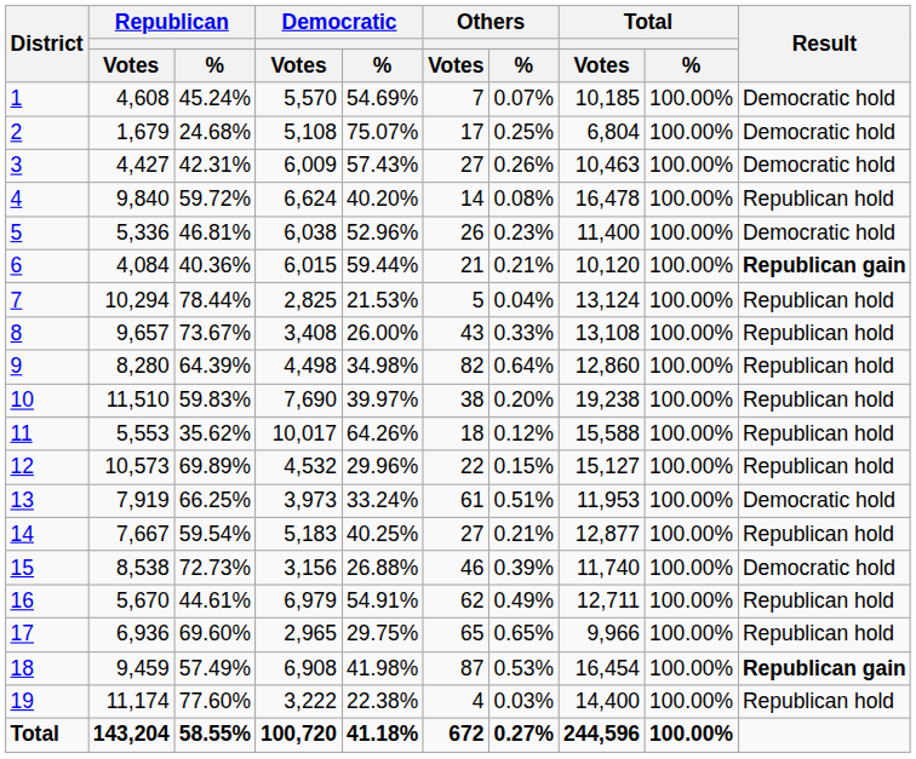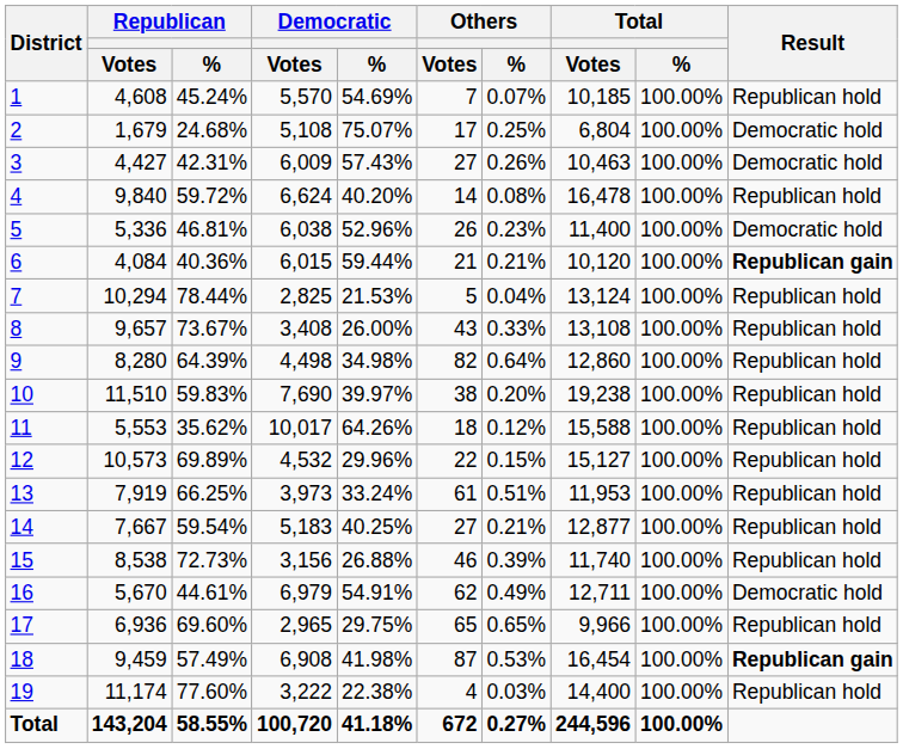 <table class="wikitable plainrowheaders sortable" style="font-size:100%; text-align:right;">
 <tr>
 <th scope=col rowspan=3>District</th>
 <th scope=col colspan=2><a href='#'>Republican</a></th>
 <th scope=col colspan=2><a href='#'>Democratic</a></th>
 <th scope=col colspan=2>Others</th>
 <th scope=col colspan=2>Total</th>
 <th scope=col rowspan=3>Result</th>
 </tr>
 <tr>
 <th scope=col colspan=2 style="background:"></th>
 <th scope=col colspan=2 style="background:"></th>
 <th scope=col colspan=2></th>
 <th scope=col colspan=2></th>
 </tr>
 <tr>
 <th scope=col data-sort-type="number">Votes</th>
 <th scope=col data-sort-type="number">%</th>
 <th scope=col data-sort-type="number">Votes</th>
 <th scope=col data-sort-type="number">%</th>
 <th scope=col data-sort-type="number">Votes</th>
 <th scope=col data-sort-type="number">%</th>
 <th scope=col data-sort-type="number">Votes</th>
 <th scope=col data-sort-type="number">%</th>
 </tr>
 <tr>
 <td align=left><a href='#'>1</a></td>
 <td>4,608</td>
 <td>45.24%</td>
 <td>5,570</td>
 <td>54.69%</td>
 <td>7</td>
 <td>0.07%</td>
 <td>10,185</td>
 <td>100.00%</td>
-<td align=left>Democratic hold</td>
+<td align=left>Republican hold</td>
 </tr>
 <tr>
 <td align=left><a href='#'>2</a></td>
 <td>1,679</td>
 <td>24.68%</td>
 <td>5,108</td>
 <td>75.07%</td>
 <td>17</td>
 <td>0.25%</td>
 <td>6,804</td>
 <td>100.00%</td>
 <td align=left>Democratic hold</td>
 </tr>
 <tr>
 <td align=left><a href='#'>3</a></td>
 <td>4,427</td>
 <td>42.31%</td>
 <td>6,009</td>
 <td>57.43%</td>
 <td>27</td>
 <td>0.26%</td>
 <td>10,463</td>
 <td>100.00%</td>
 <td align=left>Democratic hold</td>
 </tr>
 <tr>
 <td align=left><a href='#'>4</a></td>
 <td>9,840</td>
 <td>59.72%</td>
 <td>6,624</td>
 <td>40.20%</td>
 <td>14</td>
 <td>0.08%</td>
 <td>16,478</td>
 <td>100.00%</td>
 <td align=left>Republican hold</td>
 </tr>
 <tr>
 <td align=left><a href='#'>5</a></td>
 <td>5,336</td>
 <td>46.81%</td>
 <td>6,038</td>
 <td>52.96%</td>
 <td>26</td>
 <td>0.23%</td>
 <td>11,400</td>
 <td>100.00%</td>
 <td align=left>Democratic hold</td>
 </tr>
 <tr>
 <td align=left><a href='#'>6</a></td>
 <td>4,084</td>
 <td>40.36%</td>
 <td>6,015</td>
 <td>59.44%</td>
 <td>21</td>
 <td>0.21%</td>
 <td>10,120</td>
 <td>100.00%</td>
 <td align=left><strong>Republican gain</strong></td>
 </tr>
 <tr>
 <td align=left><a href='#'>7</a></td>
 <td>10,294</td>
 <td>78.44%</td>
 <td>2,825</td>
 <td>21.53%</td>
 <td>5</td>
 <td>0.04%</td>
 <td>13,124</td>
 <td>100.00%</td>
 <td align=left>Republican hold</td>
 </tr>
 <tr>
 <td align=left><a href='#'>8</a></td>
 <td>9,657</td>
 <td>73.67%</td>
 <td>3,408</td>
 <td>26.00%</td>
 <td>43</td>
 <td>0.33%</td>
 <td>13,108</td>
 <td>100.00%</td>
 <td align=left>Republican hold</td>
 </tr>
 <tr>
 <td align=left><a href='#'>9</a></td>
 <td>8,280</td>
 <td>64.39%</td>
 <td>4,498</td>
 <td>34.98%</td>
 <td>82</td>
 <td>0.64%</td>
 <td>12,860</td>
 <td>100.00%</td>
 <td align=left>Republican hold</td>
 </tr>
 <tr>
 <td align=left><a href='#'>10</a></td>
 <td>11,510</td>
 <td>59.83%</td>
 <td>7,690</td>
 <td>39.97%</td>
 <td>38</td>
 <td>0.20%</td>
 <td>19,238</td>
 <td>100.00%</td>
 <td align=left>Republican hold</td>
 </tr>
 <tr>
 <td align=left><a href='#'>11</a></td>
 <td>5,553</td>
 <td>35.62%</td>
 <td>10,017</td>
 <td>64.26%</td>
 <td>18</td>
 <td>0.12%</td>
 <td>15,588</td>
 <td>100.00%</td>
 <td align=left>Republican hold</td>
 </tr>
 <tr>
 <td align=left><a href='#'>12</a></td>
 <td>10,573</td>
 <td>69.89%</td>
 <td>4,532</td>
 <td>29.96%</td>
 <td>22</td>
 <td>0.15%</td>
 <td>15,127</td>
 <td>100.00%</td>
 <td align=left>Republican hold</td>
 </tr>
 <tr>
 <td align=left><a href='#'>13</a></td>
 <td>7,919</td>
 <td>66.25%</td>
 <td>3,973</td>
 <td>33.24%</td>
 <td>61</td>
 <td>0.51%</td>
 <td>11,953</td>
 <td>100.00%</td>
-<td align=left>Democratic hold</td>
+<td align=left>Republican hold</td>
 </tr>
 <tr>
 <td align=left><a href='#'>14</a></td>
 <td>7,667</td>
 <td>59.54%</td>
 <td>5,183</td>
 <td>40.25%</td>
 <td>27</td>
 <td>0.21%</td>
 <td>12,877</td>
 <td>100.00%</td>
 <td align=left>Republican hold</td>
 </tr>
 <tr>
 <td align=left><a href='#'>15</a></td>
 <td>8,538</td>
 <td>72.73%</td>
 <td>3,156</td>
 <td>26.88%</td>
 <td>46</td>
 <td>0.39%</td>
 <td>11,740</td>
 <td>100.00%</td>
-<td align=left>Democratic hold</td>
+<td align=left>Republican hold</td>
 </tr>
 <tr>
 <td align=left><a href='#'>16</a></td>
 <td>5,670</td>
 <td>44.61%</td>
 <td>6,979</td>
 <td>54.91%</td>
 <td>62</td>
 <td>0.49%</td>
 <td>12,711</td>
 <td>100.00%</td>
-<td align=left>Republican hold</td>
+<td align=left>Democratic hold</td>
 </tr>
 <tr>
 <td align=left><a href='#'>17</a></td>
 <td>6,936</td>
 <td>69.60%</td>
 <td>2,965</td>
 <td>29.75%</td>
 <td>65</td>
 <td>0.65%</td>
 <td>9,966</td>
 <td>100.00%</td>
 <td align=left>Republican hold</td>
 </tr>
 <tr>
 <td align=left><a href='#'>18</a></td>
 <td>9,459</td>
 <td>57.49%</td>
 <td>6,908</td>
 <td>41.98%</td>
 <td>87</td>
 <td>0.53%</td>
 <td>16,454</td>
 <td>100.00%</td>
 <td align=left><strong>Republican gain</strong></td>
 </tr>
 <tr>
 <td align=left><a href='#'>19</a></td>
 <td>11,174</td>
 <td>77.60%</td>
 <td>3,222</td>
 <td>22.38%</td>
 <td>4</td>
 <td>0.03%</td>
 <td>14,400</td>
 <td>100.00%</td>
 <td align=left>Republican hold</td>
 </tr>
 <tr class="sortbottom" style="font-weight:bold">
 <td align=left>Total</td>
 <td>143,204</td>
 <td>58.55%</td>
 <td>100,720</td>
 <td>41.18%</td>
 <td>672</td>
 <td>0.27%</td>
 <td>244,596</td>
 <td>100.00%</td>
 <td></td>
 </tr>
 </table>
